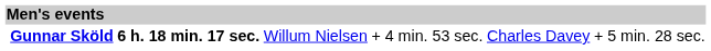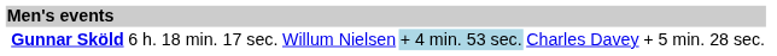 <table>
 <tr bgcolor="#cccccc">
 <td colspan=7><strong>Men's events</strong></td>
 </tr>
 <tr>
 <td><br></td>
 <td><strong><a href='#'>Gunnar Sköld</a></strong><br><small></small></td>
-<td align=right><strong>6 h. 18 min. 17 sec.</strong></td>
+<td align=right>6 h. 18 min. 17 sec.</td>
 <td><a href='#'>Willum Nielsen</a><br><small></small></td>
-<td align=right>+ 4 min. 53 sec.</td>
+<td align=right style="background: lightblue;">+ 4 min. 53 sec.</td>
 <td><a href='#'>Charles Davey</a><br><small></small></td>
 <td align=right>+ 5 min. 28 sec.</td>
 </tr>
 </table>
